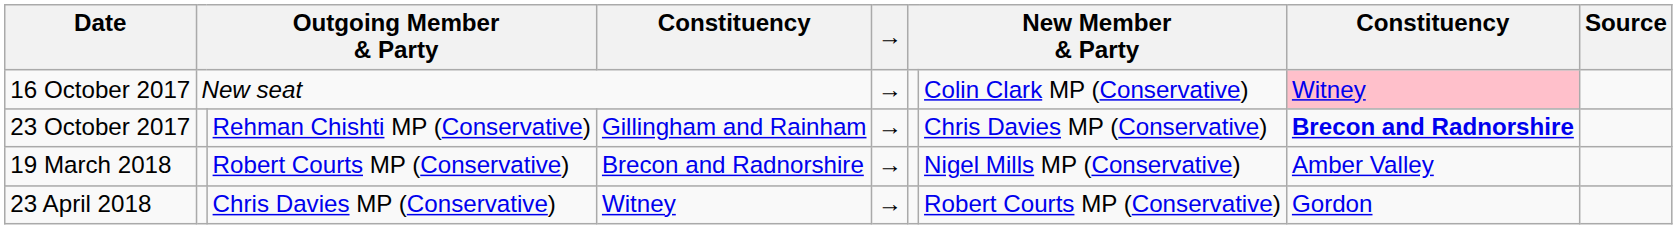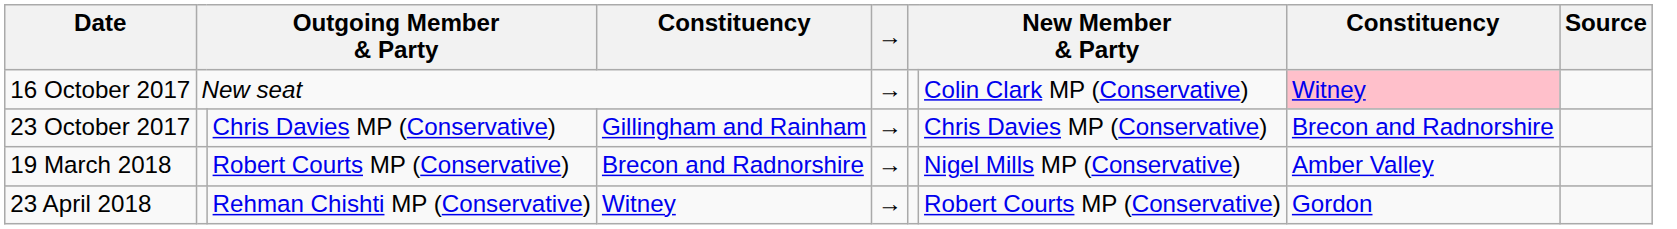 <table class="wikitable">
 <tr>
 <th valign="top">Date</th>
 <th colspan="2" valign="top">Outgoing Member<br>& Party</th>
 <th valign="top">Constituency</th>
 <th>→</th>
 <th colspan="2" valign="top">New Member<br>& Party</th>
 <th valign="top">Constituency</th>
 <th valign="top">Source</th>
 </tr>
 <tr>
 <td nowrap>16 October 2017</td>
 <td colspan=3><em>New seat</em></td>
 <td>→</td>
 <td style="color:inherit;background:"></td>
 <td><a href='#'>Colin Clark</a> MP (<a href='#'>Conservative</a>)</td>
 <td style="background: pink;"><a href='#'>Witney</a></td>
 <td></td>
 </tr>
 <tr>
 <td nowrap>23 October 2017</td>
 <td style="color:inherit;background:"></td>
-<td><a href='#'>Rehman Chishti</a> MP (<a href='#'>Conservative</a>)</td>
+<td><a href='#'>Chris Davies</a> MP (<a href='#'>Conservative</a>)</td>
 <td><a href='#'>Gillingham and Rainham</a></td>
 <td>→</td>
 <td style="color:inherit;background:"></td>
 <td><a href='#'>Chris Davies</a> MP (<a href='#'>Conservative</a>)</td>
-<td><strong><a href='#'>Brecon and Radnorshire</a></strong></td>
+<td><a href='#'>Brecon and Radnorshire</a></td>
 <td></td>
 </tr>
 <tr>
 <td nowrap>19 March 2018</td>
 <td style="color:inherit;background:"></td>
 <td><a href='#'>Robert Courts</a> MP (<a href='#'>Conservative</a>)</td>
 <td><a href='#'>Brecon and Radnorshire</a></td>
 <td>→</td>
 <td style="color:inherit;background:"></td>
 <td><a href='#'>Nigel Mills</a> MP (<a href='#'>Conservative</a>)</td>
 <td><a href='#'>Amber Valley</a></td>
 <td></td>
 </tr>
 <tr>
 <td nowrap>23 April 2018</td>
 <td style="color:inherit;background:"></td>
-<td><a href='#'>Chris Davies</a> MP (<a href='#'>Conservative</a>)</td>
+<td><a href='#'>Rehman Chishti</a> MP (<a href='#'>Conservative</a>)</td>
 <td><a href='#'>Witney</a></td>
 <td>→</td>
 <td style="color:inherit;background:"></td>
 <td><a href='#'>Robert Courts</a> MP (<a href='#'>Conservative</a>)</td>
 <td><a href='#'>Gordon</a></td>
 <td></td>
 </tr>
 </table>
